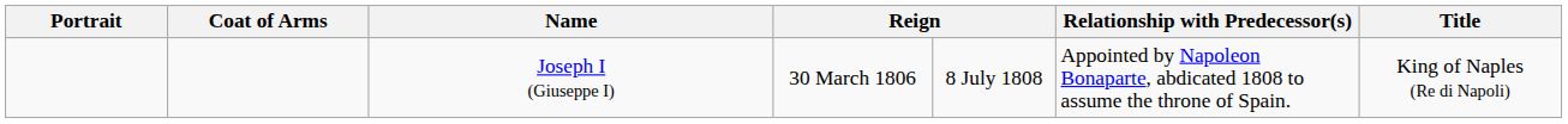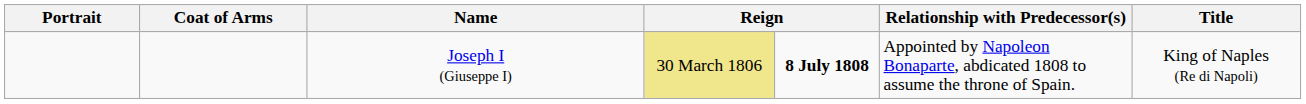 <table width=95% class="wikitable">
 <tr>
 <th width=8%>Portrait</th>
 <th width=10%>Coat of Arms</th>
 <th width=20%>Name</th>
 <th colspan=2 width=14%>Reign</th>
 <th width=15%>Relationship with Predecessor(s)</th>
 <th width=10%>Title</th>
 </tr>
 <tr>
 <td align="center"></td>
 <td align="center"></td>
 <td align="center"><a href='#'>Joseph I</a><br><small>(Giuseppe I)</small></td>
-<td align="center">30 March 1806</td>
-<td align="center">8 July 1808</td>
+<td align="center" style="background: khaki;">30 March 1806</td>
+<td align="center"><strong>8 July 1808</strong></td>
 <td>Appointed by <a href='#'>Napoleon Bonaparte</a>, abdicated 1808 to assume the throne of Spain.</td>
 <td align="center">King of Naples<br><small>(Re di Napoli)</small></td>
 </tr>
 </table>
